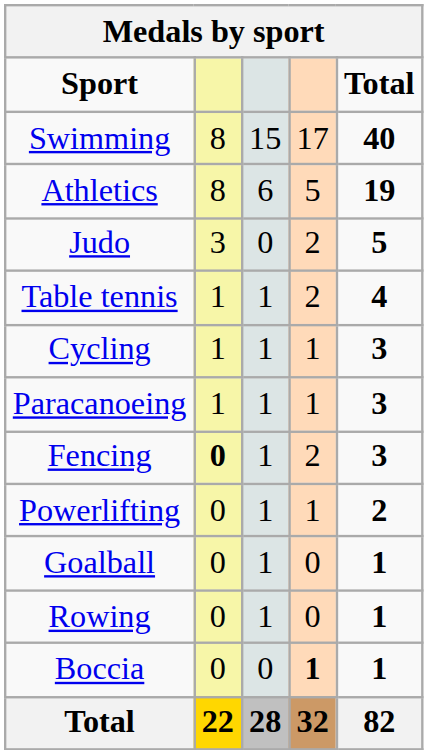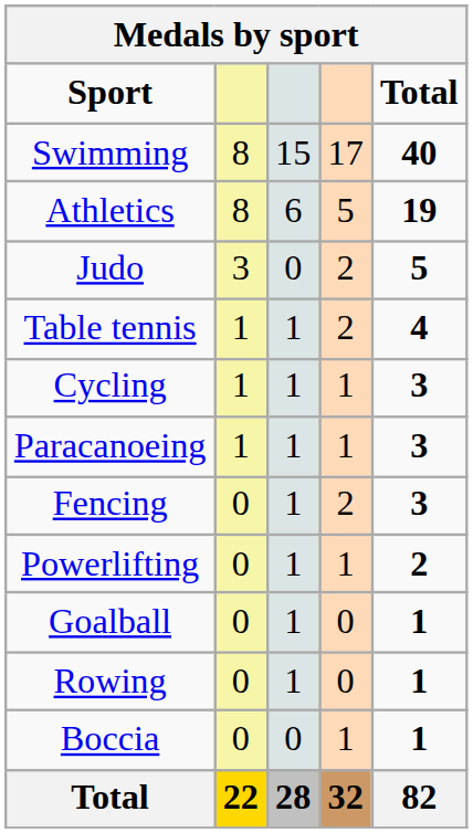 <table class="wikitable" style=font-size:85%>
 <tr style="background:#efefef;">
 <th colspan=5><strong>Medals by sport</strong></th>
 </tr>
 <tr align=center>
 <td><strong>Sport</strong></td>
 <td bgcolor=#f7f6a8></td>
 <td bgcolor=#dce5e5></td>
 <td bgcolor=#ffdab9></td>
 <td><strong>Total</strong></td>
 </tr>
 <tr align=center>
 <td><a href='#'>Swimming</a></td>
 <td style="background:#F7F6A8;">8</td>
 <td style="background:#DCE5E5;">15</td>
 <td style="background:#FFDAB9;">17</td>
 <td><strong>40</strong></td>
 </tr>
 <tr align=center>
 <td><a href='#'>Athletics</a></td>
 <td style="background:#F7F6A8;">8</td>
 <td style="background:#DCE5E5;">6</td>
 <td style="background:#FFDAB9;">5</td>
 <td><strong>19</strong></td>
 </tr>
 <tr align=center>
 <td><a href='#'>Judo</a></td>
 <td style="background:#F7F6A8;">3</td>
 <td style="background:#DCE5E5;">0</td>
 <td style="background:#FFDAB9;">2</td>
 <td><strong>5</strong></td>
 </tr>
 <tr align=center>
 <td><a href='#'>Table tennis</a></td>
 <td style="background:#F7F6A8;">1</td>
 <td style="background:#DCE5E5;">1</td>
 <td style="background:#FFDAB9;">2</td>
 <td><strong>4</strong></td>
 </tr>
 <tr align=center>
 <td><a href='#'>Cycling</a></td>
 <td style="background:#F7F6A8;">1</td>
 <td style="background:#DCE5E5;">1</td>
 <td style="background:#FFDAB9;">1</td>
 <td><strong>3</strong></td>
 </tr>
 <tr align=center>
 <td><a href='#'>Paracanoeing</a></td>
 <td style="background:#F7F6A8;">1</td>
 <td style="background:#DCE5E5;">1</td>
 <td style="background:#FFDAB9;">1</td>
 <td><strong>3</strong></td>
 </tr>
 <tr align=center>
 <td><a href='#'>Fencing</a></td>
-<td style="background:#F7F6A8;"><strong>0</strong></td>
+<td style="background:#F7F6A8;">0</td>
 <td style="background:#DCE5E5;">1</td>
 <td style="background:#FFDAB9;">2</td>
 <td><strong>3</strong></td>
 </tr>
 <tr align=center>
 <td><a href='#'>Powerlifting</a></td>
 <td style="background:#F7F6A8;">0</td>
 <td style="background:#DCE5E5;">1</td>
 <td style="background:#FFDAB9;">1</td>
 <td><strong>2</strong></td>
 </tr>
 <tr align=center>
 <td><a href='#'>Goalball</a></td>
 <td style="background:#F7F6A8;">0</td>
 <td style="background:#DCE5E5;">1</td>
 <td style="background:#FFDAB9;">0</td>
 <td><strong>1</strong></td>
 </tr>
 <tr align=center>
 <td><a href='#'>Rowing</a></td>
 <td style="background:#F7F6A8;">0</td>
 <td style="background:#DCE5E5;">1</td>
 <td style="background:#FFDAB9;">0</td>
 <td><strong>1</strong></td>
 </tr>
 <tr align=center>
 <td><a href='#'>Boccia</a></td>
 <td style="background:#F7F6A8;">0</td>
 <td style="background:#DCE5E5;">0</td>
-<td style="background:#FFDAB9;"><strong>1</strong></td>
+<td style="background:#FFDAB9;">1</td>
 <td><strong>1</strong></td>
 </tr>
 <tr align=center>
 <th><strong>Total</strong></th>
 <th style="background:gold;"><strong>22</strong></th>
 <th style="background:silver;"><strong>28</strong></th>
 <th style="background:#c96;"><strong>32</strong></th>
 <th><strong>82</strong></th>
 </tr>
 </table>
